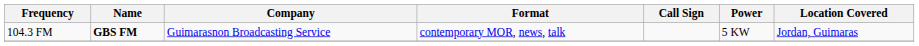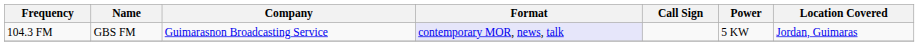 <table class="sortable wikitable" style="width:100%">
 <tr>
 <th>Frequency</th>
 <th>Name</th>
 <th>Company</th>
 <th>Format</th>
 <th>Call Sign</th>
 <th>Power</th>
 <th>Location Covered</th>
 </tr>
 <tr>
 <td>104.3 FM</td>
-<td><strong>GBS FM</strong></td>
+<td>GBS FM</td>
 <td><a href='#'>Guimarasnon Broadcasting Service</a></td>
-<td><a href='#'>contemporary MOR</a>, <a href='#'>news</a>, <a href='#'>talk</a></td>
+<td style="background: lavender;"><a href='#'>contemporary MOR</a>, <a href='#'>news</a>, <a href='#'>talk</a></td>
 <td></td>
 <td>5 KW</td>
 <td><a href='#'>Jordan, Guimaras</a></td>
 </tr>
 <tr>
 </tr>
 </table>
